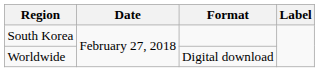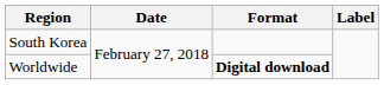 <table class="wikitable">
 <tr>
 <th>Region</th>
 <th>Date</th>
 <th>Format</th>
 <th>Label</th>
 </tr>
 <tr>
 <td>South Korea</td>
 <td rowspan="2">February 27, 2018</td>
 <td></td>
 <td rowspan="2"></td>
 </tr>
 <tr>
 <td>Worldwide</td>
-<td>Digital download</td>
+<td><strong>Digital download</strong></td>
 </tr>
 </table>
